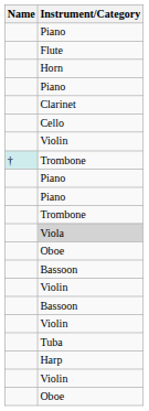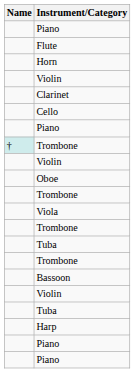 <table class="wikitable sortable" style="font-size: 95%">
 <tr>
 <th>Name</th>
 <th>Instrument/Category</th>
 </tr>
 <tr>
 <td></td>
 <td>Piano</td>
 </tr>
 <tr>
 <td></td>
 <td>Flute</td>
 </tr>
 <tr>
 <td></td>
 <td>Horn</td>
 </tr>
 <tr>
 <td></td>
-<td>Piano</td>
+<td>Violin</td>
 </tr>
 <tr>
 <td><strong></strong></td>
 <td>Clarinet</td>
 </tr>
 <tr>
 <td><strong></strong></td>
 <td>Cello</td>
 </tr>
 <tr>
 <td></td>
-<td>Violin</td>
+<td>Piano</td>
 </tr>
 <tr>
 <td bgcolor="#CFECEC"><strong></strong>†</td>
 <td>Trombone</td>
 </tr>
 <tr>
 <td><strong></strong></td>
-<td>Piano</td>
+<td>Violin</td>
 </tr>
 <tr>
 <td></td>
-<td>Piano</td>
+<td>Oboe</td>
 </tr>
 <tr>
 <td></td>
 <td>Trombone</td>
 </tr>
 <tr>
 <td></td>
-<td style="background: lightgrey;">Viola</td>
+<td>Viola</td>
 </tr>
 <tr>
 <td></td>
-<td>Oboe</td>
+<td>Trombone</td>
 </tr>
 <tr>
 <td></td>
-<td>Bassoon</td>
+<td>Tuba</td>
 </tr>
 <tr>
 <td></td>
-<td>Violin</td>
+<td>Trombone</td>
 </tr>
 <tr>
 <td></td>
 <td>Bassoon</td>
 </tr>
 <tr>
 <td></td>
 <td>Violin</td>
 </tr>
 <tr>
 <td></td>
 <td>Tuba</td>
 </tr>
 <tr>
 <td></td>
 <td>Harp</td>
 </tr>
 <tr>
 <td></td>
-<td>Violin</td>
+<td>Piano</td>
 </tr>
 <tr>
 <td></td>
-<td>Oboe</td>
+<td>Piano</td>
 </tr>
 </table>
